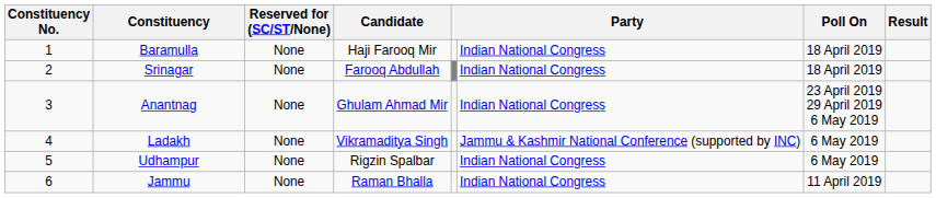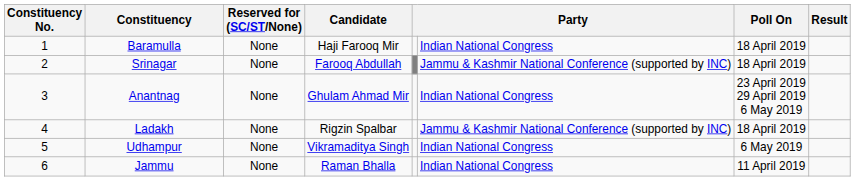 <table class="wikitable sortable">
 <tr>
 <th>Constituency <br> No.</th>
 <th style="width:180px;">Constituency</th>
 <th>Reserved for<br>(<a href='#'>SC/ST</a>/None)</th>
 <th>Candidate</th>
 <th colspan="2">Party</th>
 <th>Poll On</th>
 <th>Result</th>
 </tr>
 <tr>
 <td style="text-align:center;">1</td>
 <td style="text-align:center;"><a href='#'>Baramulla</a></td>
 <td style="text-align:center;">None</td>
 <td style="text-align:center;">Haji Farooq Mir</td>
 <td></td>
 <td><a href='#'>Indian National Congress</a></td>
 <td style="text-align:center;">18 April 2019</td>
 <td></td>
 </tr>
 <tr>
 <td style="text-align:center;">2</td>
 <td style="text-align:center;"><a href='#'>Srinagar</a></td>
 <td style="text-align:center;">None</td>
 <td style="text-align:center;"><a href='#'>Farooq Abdullah</a></td>
 <td style="background:grey;"></td>
-<td><a href='#'>Indian National Congress</a></td>
+<td><a href='#'>Jammu & Kashmir National Conference</a> (supported by <a href='#'>INC</a>)</td>
 <td style="text-align:center;">18 April 2019</td>
 <td></td>
 </tr>
 <tr>
 <td style="text-align:center;">3</td>
 <td style="text-align:center;"><a href='#'>Anantnag</a></td>
 <td style="text-align:center;">None</td>
 <td style="text-align:center;"><a href='#'>Ghulam Ahmad Mir</a></td>
 <td></td>
 <td><a href='#'>Indian National Congress</a></td>
 <td style="text-align:center;">23 April 2019<br>29 April 2019<br>6 May 2019</td>
 <td></td>
 </tr>
 <tr>
 <td style="text-align:center;">4</td>
 <td style="text-align:center;"><a href='#'>Ladakh</a></td>
 <td style="text-align:center;">None</td>
-<td style="text-align:center;"><a href='#'>Vikramaditya Singh</a></td>
+<td style="text-align:center;">Rigzin Spalbar</td>
 <td></td>
 <td><a href='#'>Jammu & Kashmir National Conference</a> (supported by <a href='#'>INC</a>)</td>
-<td style="text-align:center;">6 May 2019</td>
+<td style="text-align:center;">18 April 2019</td>
 <td></td>
 </tr>
 <tr>
 <td style="text-align:center;">5</td>
 <td style="text-align:center;"><a href='#'>Udhampur</a></td>
 <td style="text-align:center;">None</td>
-<td style="text-align:center;">Rigzin Spalbar</td>
+<td style="text-align:center;"><a href='#'>Vikramaditya Singh</a></td>
 <td></td>
 <td><a href='#'>Indian National Congress</a></td>
 <td style="text-align:center;">6 May 2019</td>
 <td></td>
 </tr>
 <tr>
 <td style="text-align:center;">6</td>
 <td style="text-align:center;"><a href='#'>Jammu</a></td>
 <td style="text-align:center;">None</td>
 <td style="text-align:center;"><a href='#'>Raman Bhalla</a></td>
 <td></td>
 <td><a href='#'>Indian National Congress</a></td>
 <td style="text-align:center;">11 April 2019</td>
 <td></td>
 </tr>
 </table>
